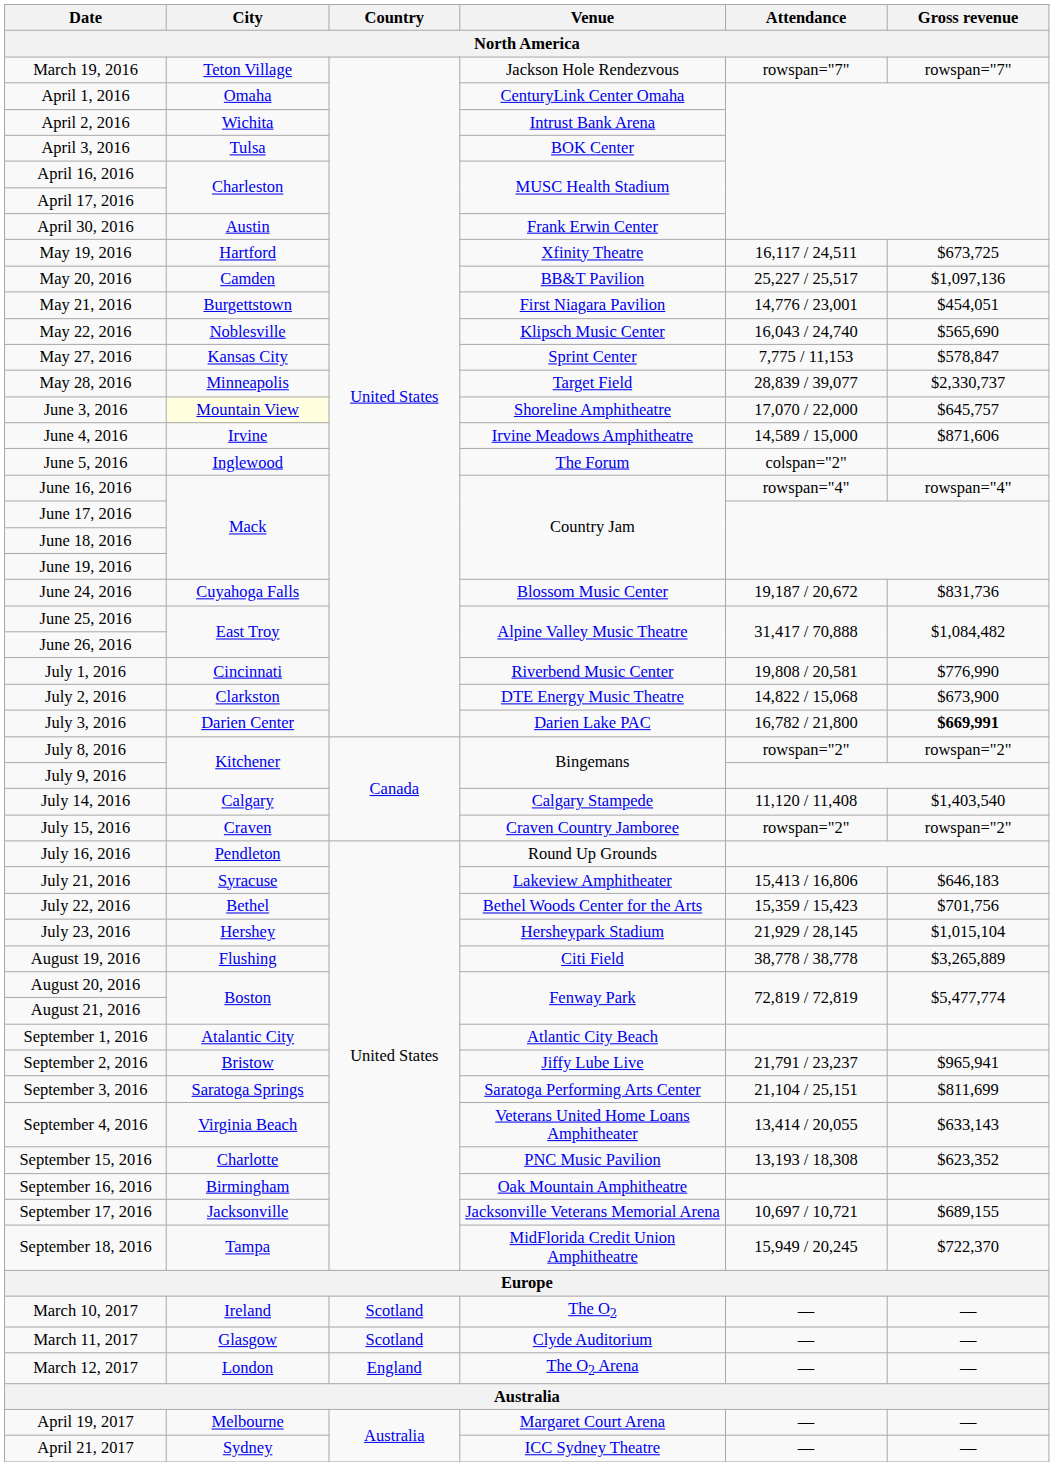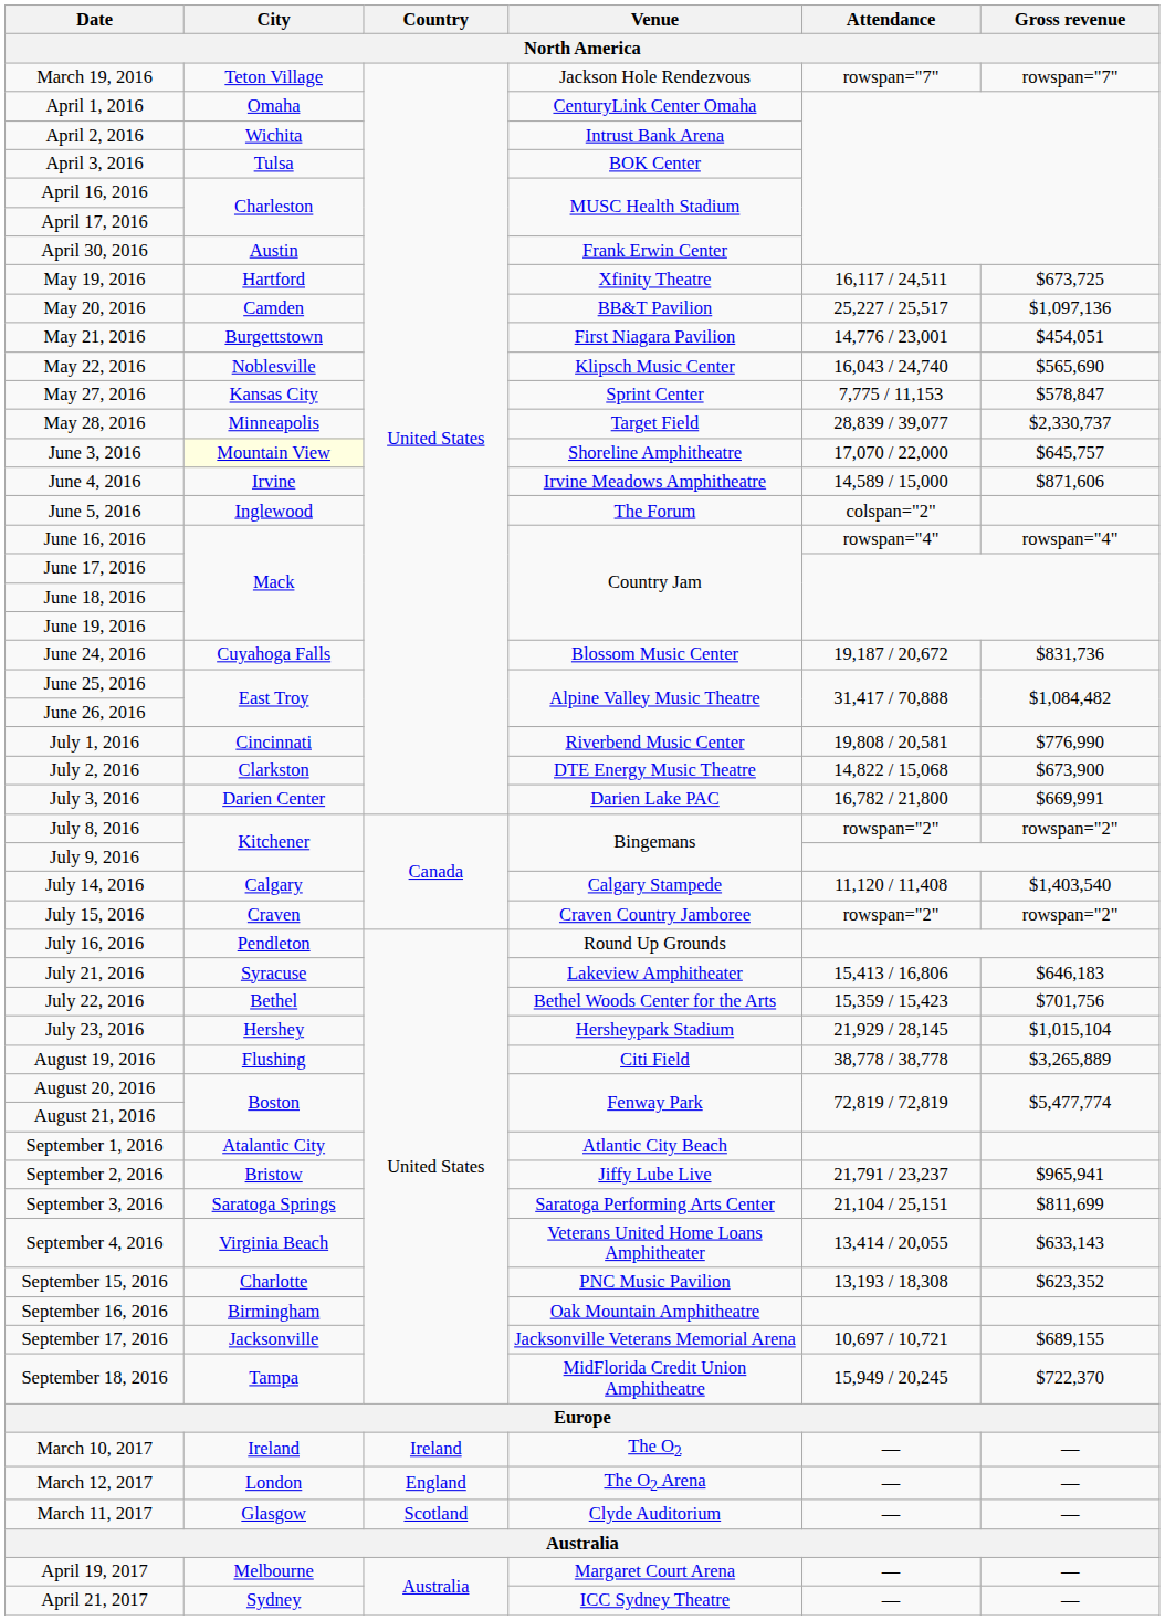 <table class="wikitable" style="text-align:center;">
 <tr>
 <th width="150">Date</th>
 <th width="150">City</th>
 <th width="120">Country</th>
 <th width="250">Venue</th>
 <th width="150">Attendance</th>
 <th width="150">Gross revenue</th>
 </tr>
 <tr>
 <th colspan="6">North America </th>
 </tr>
 <tr>
 <td>March 19, 2016</td>
 <td><a href='#'>Teton Village</a></td>
 <td rowspan="26"><a href='#'>United States</a></td>
 <td>Jackson Hole Rendezvous</td>
 <td>rowspan="7" </td>
 <td>rowspan="7" </td>
 </tr>
 <tr>
 <td>April 1, 2016</td>
 <td><a href='#'>Omaha</a></td>
 <td><a href='#'>CenturyLink Center Omaha</a></td>
 </tr>
 <tr>
 <td>April 2, 2016</td>
 <td><a href='#'>Wichita</a></td>
 <td><a href='#'>Intrust Bank Arena</a></td>
 </tr>
 <tr>
 <td>April 3, 2016</td>
 <td><a href='#'>Tulsa</a></td>
 <td><a href='#'>BOK Center</a></td>
 </tr>
 <tr>
 <td>April 16, 2016</td>
 <td rowspan="2"><a href='#'>Charleston</a></td>
 <td rowspan="2"><a href='#'>MUSC Health Stadium</a></td>
 </tr>
 <tr>
 <td>April 17, 2016</td>
 </tr>
 <tr>
 <td>April 30, 2016</td>
 <td><a href='#'>Austin</a></td>
 <td><a href='#'>Frank Erwin Center</a></td>
 </tr>
 <tr>
 <td>May 19, 2016</td>
 <td><a href='#'>Hartford</a></td>
 <td><a href='#'>Xfinity Theatre</a></td>
 <td>16,117 / 24,511</td>
 <td>$673,725</td>
 </tr>
 <tr>
 <td>May 20, 2016</td>
 <td><a href='#'>Camden</a></td>
 <td><a href='#'>BB&T Pavilion</a></td>
 <td>25,227 / 25,517</td>
 <td>$1,097,136</td>
 </tr>
 <tr>
 <td>May 21, 2016</td>
 <td><a href='#'>Burgettstown</a></td>
 <td><a href='#'>First Niagara Pavilion</a></td>
 <td>14,776 / 23,001</td>
 <td>$454,051</td>
 </tr>
 <tr>
 <td>May 22, 2016</td>
 <td><a href='#'>Noblesville</a></td>
 <td><a href='#'>Klipsch Music Center</a></td>
 <td>16,043 / 24,740</td>
 <td>$565,690</td>
 </tr>
 <tr>
 <td>May 27, 2016</td>
 <td><a href='#'>Kansas City</a></td>
 <td><a href='#'>Sprint Center</a></td>
 <td>7,775 / 11,153</td>
 <td>$578,847</td>
 </tr>
 <tr>
 <td>May 28, 2016</td>
 <td><a href='#'>Minneapolis</a></td>
 <td><a href='#'>Target Field</a></td>
 <td>28,839 / 39,077</td>
 <td>$2,330,737</td>
 </tr>
 <tr>
 <td>June 3, 2016</td>
 <td style="background: lightyellow;"><a href='#'>Mountain View</a></td>
 <td><a href='#'>Shoreline Amphitheatre</a></td>
 <td>17,070 / 22,000</td>
 <td>$645,757</td>
 </tr>
 <tr>
 <td>June 4, 2016</td>
 <td><a href='#'>Irvine</a></td>
 <td><a href='#'>Irvine Meadows Amphitheatre</a></td>
 <td>14,589 / 15,000</td>
 <td>$871,606</td>
 </tr>
 <tr>
 <td>June 5, 2016</td>
 <td><a href='#'>Inglewood</a></td>
 <td><a href='#'>The Forum</a></td>
 <td>colspan="2" </td>
 </tr>
 <tr>
 <td>June 16, 2016</td>
 <td rowspan="4"><a href='#'>Mack</a></td>
 <td rowspan="4">Country Jam</td>
 <td>rowspan="4" </td>
 <td>rowspan="4" </td>
 </tr>
 <tr>
 <td>June 17, 2016</td>
 </tr>
 <tr>
 <td>June 18, 2016</td>
 </tr>
 <tr>
 <td>June 19, 2016</td>
 </tr>
 <tr>
 <td>June 24, 2016</td>
 <td><a href='#'>Cuyahoga Falls</a></td>
 <td><a href='#'>Blossom Music Center</a></td>
 <td>19,187 / 20,672</td>
 <td>$831,736</td>
 </tr>
 <tr>
 <td>June 25, 2016</td>
 <td rowspan="2"><a href='#'>East Troy</a></td>
 <td rowspan="2"><a href='#'>Alpine Valley Music Theatre</a></td>
 <td rowspan="2">31,417 / 70,888</td>
 <td rowspan="2">$1,084,482</td>
 </tr>
 <tr>
 <td>June 26, 2016</td>
 </tr>
 <tr>
 <td>July 1, 2016</td>
 <td><a href='#'>Cincinnati</a></td>
 <td><a href='#'>Riverbend Music Center</a></td>
 <td>19,808 / 20,581</td>
 <td>$776,990</td>
 </tr>
 <tr>
 <td>July 2, 2016</td>
 <td><a href='#'>Clarkston</a></td>
 <td><a href='#'>DTE Energy Music Theatre</a></td>
 <td>14,822 / 15,068</td>
 <td>$673,900</td>
 </tr>
 <tr>
 <td>July 3, 2016</td>
 <td><a href='#'>Darien Center</a></td>
 <td><a href='#'>Darien Lake PAC</a></td>
 <td>16,782 / 21,800</td>
-<td><strong>$669,991</strong></td>
+<td>$669,991</td>
 </tr>
 <tr>
 <td>July 8, 2016</td>
 <td rowspan="2"><a href='#'>Kitchener</a></td>
 <td rowspan="4"><a href='#'>Canada</a></td>
 <td rowspan="2">Bingemans</td>
 <td>rowspan="2" </td>
 <td>rowspan="2" </td>
 </tr>
 <tr>
 <td>July 9, 2016</td>
 </tr>
 <tr>
 <td>July 14, 2016</td>
 <td><a href='#'>Calgary</a></td>
 <td><a href='#'>Calgary Stampede</a></td>
 <td>11,120 / 11,408</td>
 <td>$1,403,540</td>
 </tr>
 <tr>
 <td>July 15, 2016</td>
 <td><a href='#'>Craven</a></td>
 <td><a href='#'>Craven Country Jamboree</a></td>
 <td>rowspan="2" </td>
 <td>rowspan="2" </td>
 </tr>
 <tr>
 <td>July 16, 2016</td>
 <td><a href='#'>Pendleton</a></td>
 <td rowspan="15">United States</td>
 <td>Round Up Grounds</td>
 </tr>
 <tr>
 <td>July 21, 2016</td>
 <td><a href='#'>Syracuse</a></td>
 <td><a href='#'>Lakeview Amphitheater</a></td>
 <td>15,413 / 16,806</td>
 <td>$646,183</td>
 </tr>
 <tr>
 <td>July 22, 2016</td>
 <td><a href='#'>Bethel</a></td>
 <td><a href='#'>Bethel Woods Center for the Arts</a></td>
 <td>15,359 / 15,423</td>
 <td>$701,756</td>
 </tr>
 <tr>
 <td>July 23, 2016</td>
 <td><a href='#'>Hershey</a></td>
 <td><a href='#'>Hersheypark Stadium</a></td>
 <td>21,929 / 28,145</td>
 <td>$1,015,104</td>
 </tr>
 <tr>
 <td>August 19, 2016</td>
 <td><a href='#'>Flushing</a></td>
 <td><a href='#'>Citi Field</a></td>
 <td>38,778 / 38,778</td>
 <td>$3,265,889</td>
 </tr>
 <tr>
 <td>August 20, 2016</td>
 <td rowspan="2"><a href='#'>Boston</a></td>
 <td rowspan="2"><a href='#'>Fenway Park</a></td>
 <td rowspan="2">72,819 / 72,819</td>
 <td rowspan="2">$5,477,774</td>
 </tr>
 <tr>
 <td>August 21, 2016</td>
 </tr>
 <tr>
 <td>September 1, 2016</td>
 <td><a href='#'>Atalantic City</a></td>
 <td><a href='#'>Atlantic City Beach</a></td>
 <td></td>
 <td></td>
 </tr>
 <tr>
 <td>September 2, 2016</td>
 <td><a href='#'>Bristow</a></td>
 <td><a href='#'>Jiffy Lube Live</a></td>
 <td>21,791 / 23,237</td>
 <td>$965,941</td>
 </tr>
 <tr>
 <td>September 3, 2016</td>
 <td><a href='#'>Saratoga Springs</a></td>
 <td><a href='#'>Saratoga Performing Arts Center</a></td>
 <td>21,104 / 25,151</td>
 <td>$811,699</td>
 </tr>
 <tr>
 <td>September 4, 2016</td>
 <td><a href='#'>Virginia Beach</a></td>
 <td><a href='#'>Veterans United Home Loans Amphitheater</a></td>
 <td>13,414 / 20,055</td>
 <td>$633,143</td>
 </tr>
 <tr>
 <td>September 15, 2016</td>
 <td><a href='#'>Charlotte</a></td>
 <td><a href='#'>PNC Music Pavilion</a></td>
 <td>13,193 / 18,308</td>
 <td>$623,352</td>
 </tr>
 <tr>
 <td>September 16, 2016</td>
 <td><a href='#'>Birmingham</a></td>
 <td><a href='#'>Oak Mountain Amphitheatre</a></td>
 <td></td>
 <td></td>
 </tr>
 <tr>
 <td>September 17, 2016</td>
 <td><a href='#'>Jacksonville</a></td>
 <td><a href='#'>Jacksonville Veterans Memorial Arena</a></td>
 <td>10,697 / 10,721</td>
 <td>$689,155</td>
 </tr>
 <tr>
 <td>September 18, 2016</td>
 <td><a href='#'>Tampa</a></td>
 <td><a href='#'>MidFlorida Credit Union Amphitheatre</a></td>
 <td>15,949 / 20,245</td>
 <td>$722,370</td>
 </tr>
 <tr>
 <th colspan="6">Europe</th>
 </tr>
 <tr>
 <td>March 10, 2017</td>
 <td><a href='#'>Ireland</a> </td>
-<td><a href='#'>Scotland</a></td>
+<td><a href='#'>Ireland</a></td>
 <td><a href='#'>The O<sub>2</sub></a></td>
+<td>—</td>
+<td>—</td>
+</tr>
+<tr>
+<td>March 12, 2017</td>
+<td><a href='#'>London</a> </td>
+<td><a href='#'>England</a></td>
+<td><a href='#'>The O<sub>2</sub> Arena</a></td>
 <td>—</td>
 <td>—</td>
 </tr>
 <tr>
 <td>March 11, 2017</td>
 <td><a href='#'>Glasgow</a> </td>
 <td><a href='#'>Scotland</a></td>
 <td><a href='#'>Clyde Auditorium</a></td>
-<td>—</td>
-<td>—</td>
-</tr>
-<tr>
-<td>March 12, 2017</td>
-<td><a href='#'>London</a> </td>
-<td><a href='#'>England</a></td>
-<td><a href='#'>The O<sub>2</sub> Arena</a></td>
 <td>—</td>
 <td>—</td>
 </tr>
 <tr>
 <th colspan="6">Australia</th>
 </tr>
 <tr>
 <td>April 19, 2017</td>
 <td><a href='#'>Melbourne</a></td>
 <td rowspan="2"><a href='#'>Australia</a></td>
 <td><a href='#'>Margaret Court Arena</a></td>
 <td>—</td>
 <td>—</td>
 </tr>
 <tr>
 <td>April 21, 2017</td>
 <td><a href='#'>Sydney</a></td>
 <td><a href='#'>ICC Sydney Theatre</a></td>
 <td>—</td>
 <td>—</td>
 </tr>
 </table>
